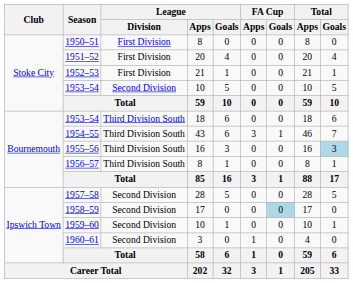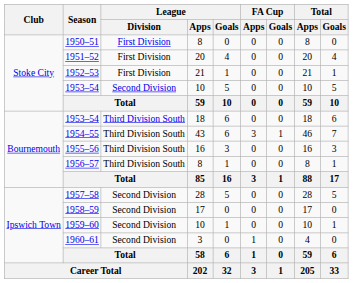 <table class="wikitable" style="text-align: center;">
 <tr>
 <th rowspan="2">Club</th>
 <th rowspan="2">Season</th>
 <th colspan="3">League</th>
 <th colspan="2">FA Cup</th>
 <th colspan="2">Total</th>
 </tr>
 <tr>
 <th>Division</th>
 <th>Apps</th>
 <th>Goals</th>
 <th>Apps</th>
 <th>Goals</th>
 <th>Apps</th>
 <th>Goals</th>
 </tr>
 <tr>
 <td rowspan="5"><a href='#'>Stoke City</a></td>
 <td><a href='#'>1950–51</a></td>
 <td><a href='#'>First Division</a></td>
 <td>8</td>
 <td>0</td>
 <td>0</td>
 <td>0</td>
 <td>8</td>
 <td>0</td>
 </tr>
 <tr>
 <td><a href='#'>1951–52</a></td>
 <td>First Division</td>
 <td>20</td>
 <td>4</td>
 <td>0</td>
 <td>0</td>
 <td>20</td>
 <td>4</td>
 </tr>
 <tr>
 <td><a href='#'>1952–53</a></td>
 <td>First Division</td>
 <td>21</td>
 <td>1</td>
 <td>0</td>
 <td>0</td>
 <td>21</td>
 <td>1</td>
 </tr>
 <tr>
 <td><a href='#'>1953–54</a></td>
 <td><a href='#'>Second Division</a></td>
 <td>10</td>
 <td>5</td>
 <td>0</td>
 <td>0</td>
 <td>10</td>
 <td>5</td>
 </tr>
 <tr>
 <th colspan=2>Total</th>
 <th>59</th>
 <th>10</th>
 <th>0</th>
 <th>0</th>
 <th>59</th>
 <th>10</th>
 </tr>
 <tr>
 <td rowspan="5"><a href='#'>Bournemouth</a></td>
 <td><a href='#'>1953–54</a></td>
 <td><a href='#'>Third Division South</a></td>
 <td>18</td>
 <td>6</td>
 <td>0</td>
 <td>0</td>
 <td>18</td>
 <td>6</td>
 </tr>
 <tr>
 <td><a href='#'>1954–55</a></td>
 <td>Third Division South</td>
 <td>43</td>
 <td>6</td>
 <td>3</td>
 <td>1</td>
 <td>46</td>
 <td>7</td>
 </tr>
 <tr>
 <td><a href='#'>1955–56</a></td>
 <td>Third Division South</td>
 <td>16</td>
 <td>3</td>
 <td>0</td>
 <td>0</td>
 <td>16</td>
-<td style="background: lightblue;">3</td>
+<td>3</td>
 </tr>
 <tr>
 <td><a href='#'>1956–57</a></td>
 <td>Third Division South</td>
 <td>8</td>
 <td>1</td>
 <td>0</td>
 <td>0</td>
 <td>8</td>
 <td>1</td>
 </tr>
 <tr>
 <th colspan=2>Total</th>
 <th>85</th>
 <th>16</th>
 <th>3</th>
 <th>1</th>
 <th>88</th>
 <th>17</th>
 </tr>
 <tr>
 <td rowspan="5"><a href='#'>Ipswich Town</a></td>
 <td><a href='#'>1957–58</a></td>
 <td>Second Division</td>
 <td>28</td>
 <td>5</td>
 <td>0</td>
 <td>0</td>
 <td>28</td>
 <td>5</td>
 </tr>
 <tr>
 <td><a href='#'>1958–59</a></td>
 <td>Second Division</td>
 <td>17</td>
 <td>0</td>
 <td>0</td>
-<td style="background: lightblue;">0</td>
+<td>0</td>
 <td>17</td>
 <td>0</td>
 </tr>
 <tr>
 <td><a href='#'>1959–60</a></td>
 <td>Second Division</td>
 <td>10</td>
 <td>1</td>
 <td>0</td>
 <td>0</td>
 <td>10</td>
 <td>1</td>
 </tr>
 <tr>
 <td><a href='#'>1960–61</a></td>
 <td>Second Division</td>
 <td>3</td>
 <td>0</td>
 <td>1</td>
 <td>0</td>
 <td>4</td>
 <td>0</td>
 </tr>
 <tr>
 <th colspan=2>Total</th>
 <th>58</th>
 <th>6</th>
 <th>1</th>
 <th>0</th>
 <th>59</th>
 <th>6</th>
 </tr>
 <tr>
 <th colspan="3">Career Total</th>
 <th>202</th>
 <th>32</th>
 <th>3</th>
 <th>1</th>
 <th>205</th>
 <th>33</th>
 </tr>
 </table>
